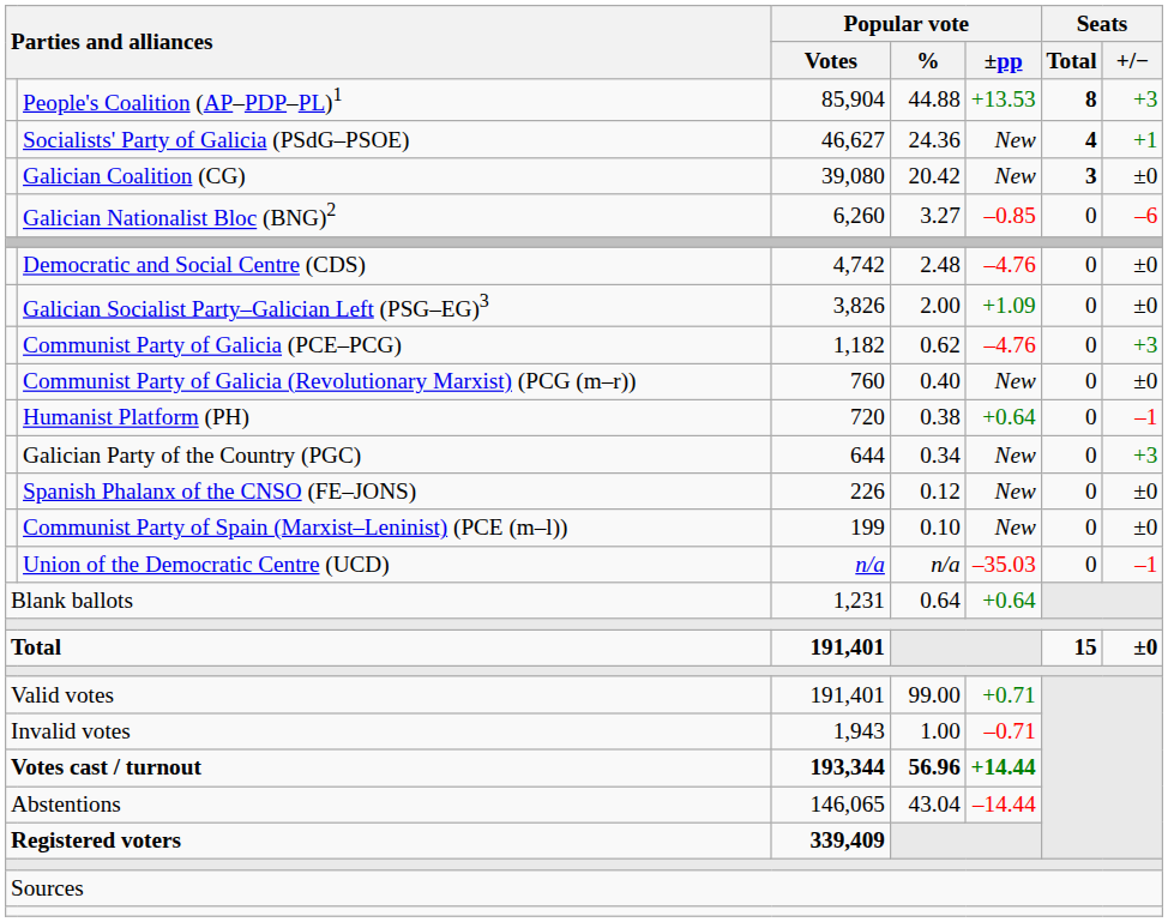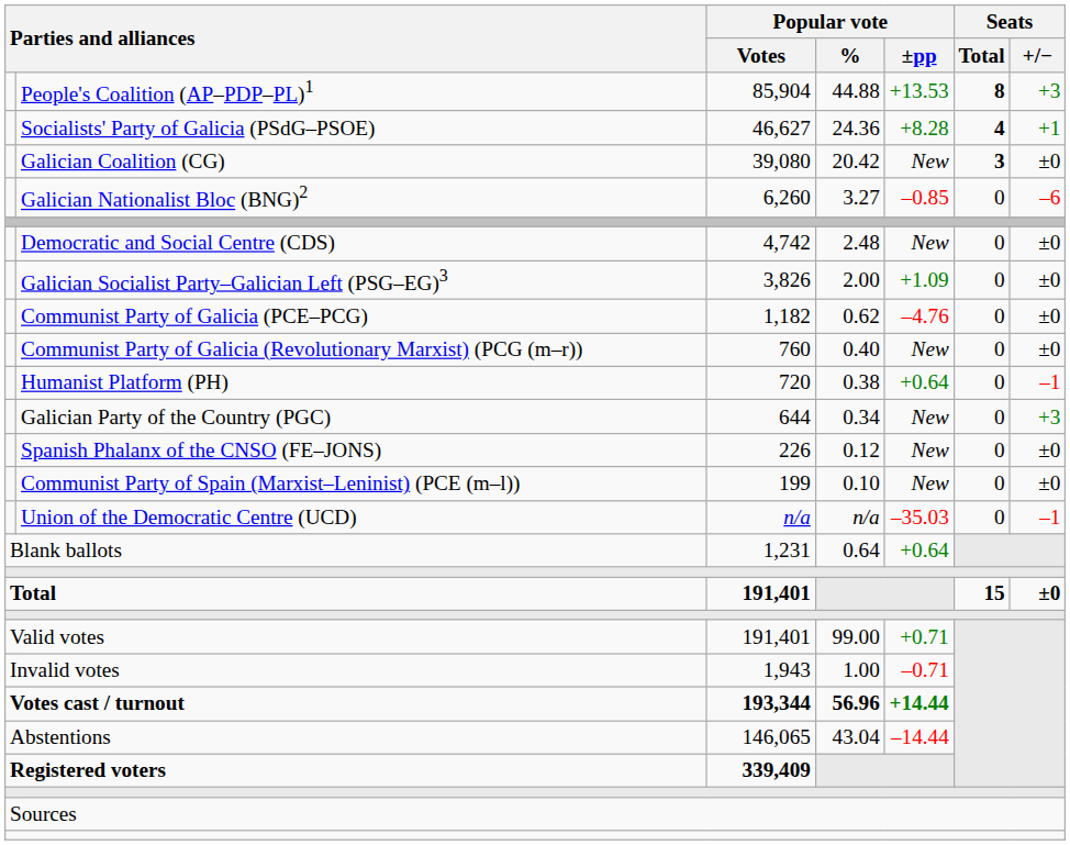 <table class="wikitable" style="text-align:right;">
 <tr>
 <th style="text-align:left;" rowspan="2" colspan="2" width="525">Parties and alliances</th>
 <th colspan="3">Popular vote</th>
 <th colspan="2">Seats</th>
 </tr>
 <tr>
 <th width="75">Votes</th>
 <th width="45">%</th>
 <th width="45">±<a href='#'>pp</a></th>
 <th width="35">Total</th>
 <th width="35">+/−</th>
 </tr>
 <tr>
 <td width="1" style="color:inherit;background:"></td>
 <td align="left"><a href='#'>People's Coalition</a> (<a href='#'>AP</a>–<a href='#'>PDP</a>–<a href='#'>PL</a>)<sup>1</sup></td>
 <td>85,904</td>
 <td>44.88</td>
 <td style="color:green;">+13.53</td>
 <td><strong>8</strong></td>
 <td style="color:green;">+3</td>
 </tr>
 <tr>
 <td style="color:inherit;background:"></td>
 <td align="left"><a href='#'>Socialists' Party of Galicia</a> (PSdG–PSOE)</td>
 <td>46,627</td>
 <td>24.36</td>
-<td><em>New</em></td>
+<td style="color:green;">+8.28</td>
 <td><strong>4</strong></td>
 <td style="color:green;">+1</td>
 </tr>
 <tr>
 <td style="color:inherit;background:"></td>
 <td align="left"><a href='#'>Galician Coalition</a> (CG)</td>
 <td>39,080</td>
 <td>20.42</td>
 <td><em>New</em></td>
 <td><strong>3</strong></td>
 <td>±0</td>
 </tr>
 <tr>
 <td style="color:inherit;background:"></td>
 <td align="left"><a href='#'>Galician Nationalist Bloc</a> (BNG)<sup>2</sup></td>
 <td>6,260</td>
 <td>3.27</td>
 <td style="color:red;">–0.85</td>
 <td>0</td>
 <td style="color:red;">–6</td>
 </tr>
 <tr>
 <td colspan="7" bgcolor="#C0C0C0"></td>
 </tr>
 <tr>
 <td style="color:inherit;background:"></td>
 <td align="left"><a href='#'>Democratic and Social Centre</a> (CDS)</td>
 <td>4,742</td>
 <td>2.48</td>
-<td style="color:red;">–4.76</td>
+<td><em>New</em></td>
 <td>0</td>
 <td>±0</td>
 </tr>
 <tr>
 <td style="color:inherit;background:"></td>
 <td align="left"><a href='#'>Galician Socialist Party–Galician Left</a> (PSG–EG)<sup>3</sup></td>
 <td>3,826</td>
 <td>2.00</td>
 <td style="color:green;">+1.09</td>
 <td>0</td>
 <td>±0</td>
 </tr>
 <tr>
 <td style="color:inherit;background:"></td>
 <td align="left"><a href='#'>Communist Party of Galicia</a> (PCE–PCG)</td>
 <td>1,182</td>
 <td>0.62</td>
 <td style="color:red;">–4.76</td>
 <td>0</td>
-<td style="color:green;">+3</td>
+<td>±0</td>
 </tr>
 <tr>
 <td style="color:inherit;background:"></td>
 <td align="left"><a href='#'>Communist Party of Galicia (Revolutionary Marxist)</a> (PCG (m–r))</td>
 <td>760</td>
 <td>0.40</td>
 <td><em>New</em></td>
 <td>0</td>
 <td>±0</td>
 </tr>
 <tr>
 <td style="color:inherit;background:"></td>
 <td align="left"><a href='#'>Humanist Platform</a> (PH)</td>
 <td>720</td>
 <td>0.38</td>
 <td style="color:green;">+0.64</td>
 <td>0</td>
 <td style="color:red;">–1</td>
 </tr>
 <tr>
 <td style="color:inherit;background:"></td>
 <td align="left">Galician Party of the Country (PGC)</td>
 <td>644</td>
 <td>0.34</td>
 <td><em>New</em></td>
 <td>0</td>
 <td style="color:green;">+3</td>
 </tr>
 <tr>
 <td style="color:inherit;background:"></td>
 <td align="left"><a href='#'>Spanish Phalanx of the CNSO</a> (FE–JONS)</td>
 <td>226</td>
 <td>0.12</td>
 <td><em>New</em></td>
 <td>0</td>
 <td>±0</td>
 </tr>
 <tr>
 <td style="color:inherit;background:"></td>
 <td align="left"><a href='#'>Communist Party of Spain (Marxist–Leninist)</a> (PCE (m–l))</td>
 <td>199</td>
 <td>0.10</td>
 <td><em>New</em></td>
 <td>0</td>
 <td>±0</td>
 </tr>
 <tr>
 <td style="color:inherit;background:"></td>
 <td align="left"><a href='#'>Union of the Democratic Centre</a> (UCD)</td>
 <td><em><a href='#'>n/a</a></em></td>
 <td><em>n/a</em></td>
 <td style="color:red;">–35.03</td>
 <td>0</td>
 <td style="color:red;">–1</td>
 </tr>
 <tr>
 <td align="left" colspan="2">Blank ballots</td>
 <td>1,231</td>
 <td>0.64</td>
 <td style="color:green;">+0.64</td>
 <td bgcolor="#E9E9E9" colspan="2"></td>
 </tr>
 <tr>
 <td colspan="7" bgcolor="#E9E9E9"></td>
 </tr>
 <tr style="font-weight:bold;">
 <td align="left" colspan="2">Total</td>
 <td>191,401</td>
 <td bgcolor="#E9E9E9" colspan="2"></td>
 <td>15</td>
 <td>±0</td>
 </tr>
 <tr>
 <td colspan="7" bgcolor="#E9E9E9"></td>
 </tr>
 <tr>
 <td align="left" colspan="2">Valid votes</td>
 <td>191,401</td>
 <td>99.00</td>
 <td style="color:green;">+0.71</td>
 <td bgcolor="#E9E9E9" colspan="7" rowspan="5"></td>
 </tr>
 <tr>
 <td align="left" colspan="2">Invalid votes</td>
 <td>1,943</td>
 <td>1.00</td>
 <td style="color:red;">–0.71</td>
 </tr>
 <tr style="font-weight:bold;">
 <td align="left" colspan="2">Votes cast / turnout</td>
 <td>193,344</td>
 <td>56.96</td>
 <td style="color:green;">+14.44</td>
 </tr>
 <tr>
 <td align="left" colspan="2">Abstentions</td>
 <td>146,065</td>
 <td>43.04</td>
 <td style="color:red;">–14.44</td>
 </tr>
 <tr style="font-weight:bold;">
 <td align="left" colspan="2">Registered voters</td>
 <td>339,409</td>
 <td bgcolor="#E9E9E9" colspan="2"></td>
 </tr>
 <tr>
 <td colspan="7" bgcolor="#E9E9E9"></td>
 </tr>
 <tr>
 <td align="left" colspan="7">Sources</td>
 </tr>
 <tr>
 <td colspan="7" style="text-align:left; max-width:790px;"></td>
 </tr>
 </table>
